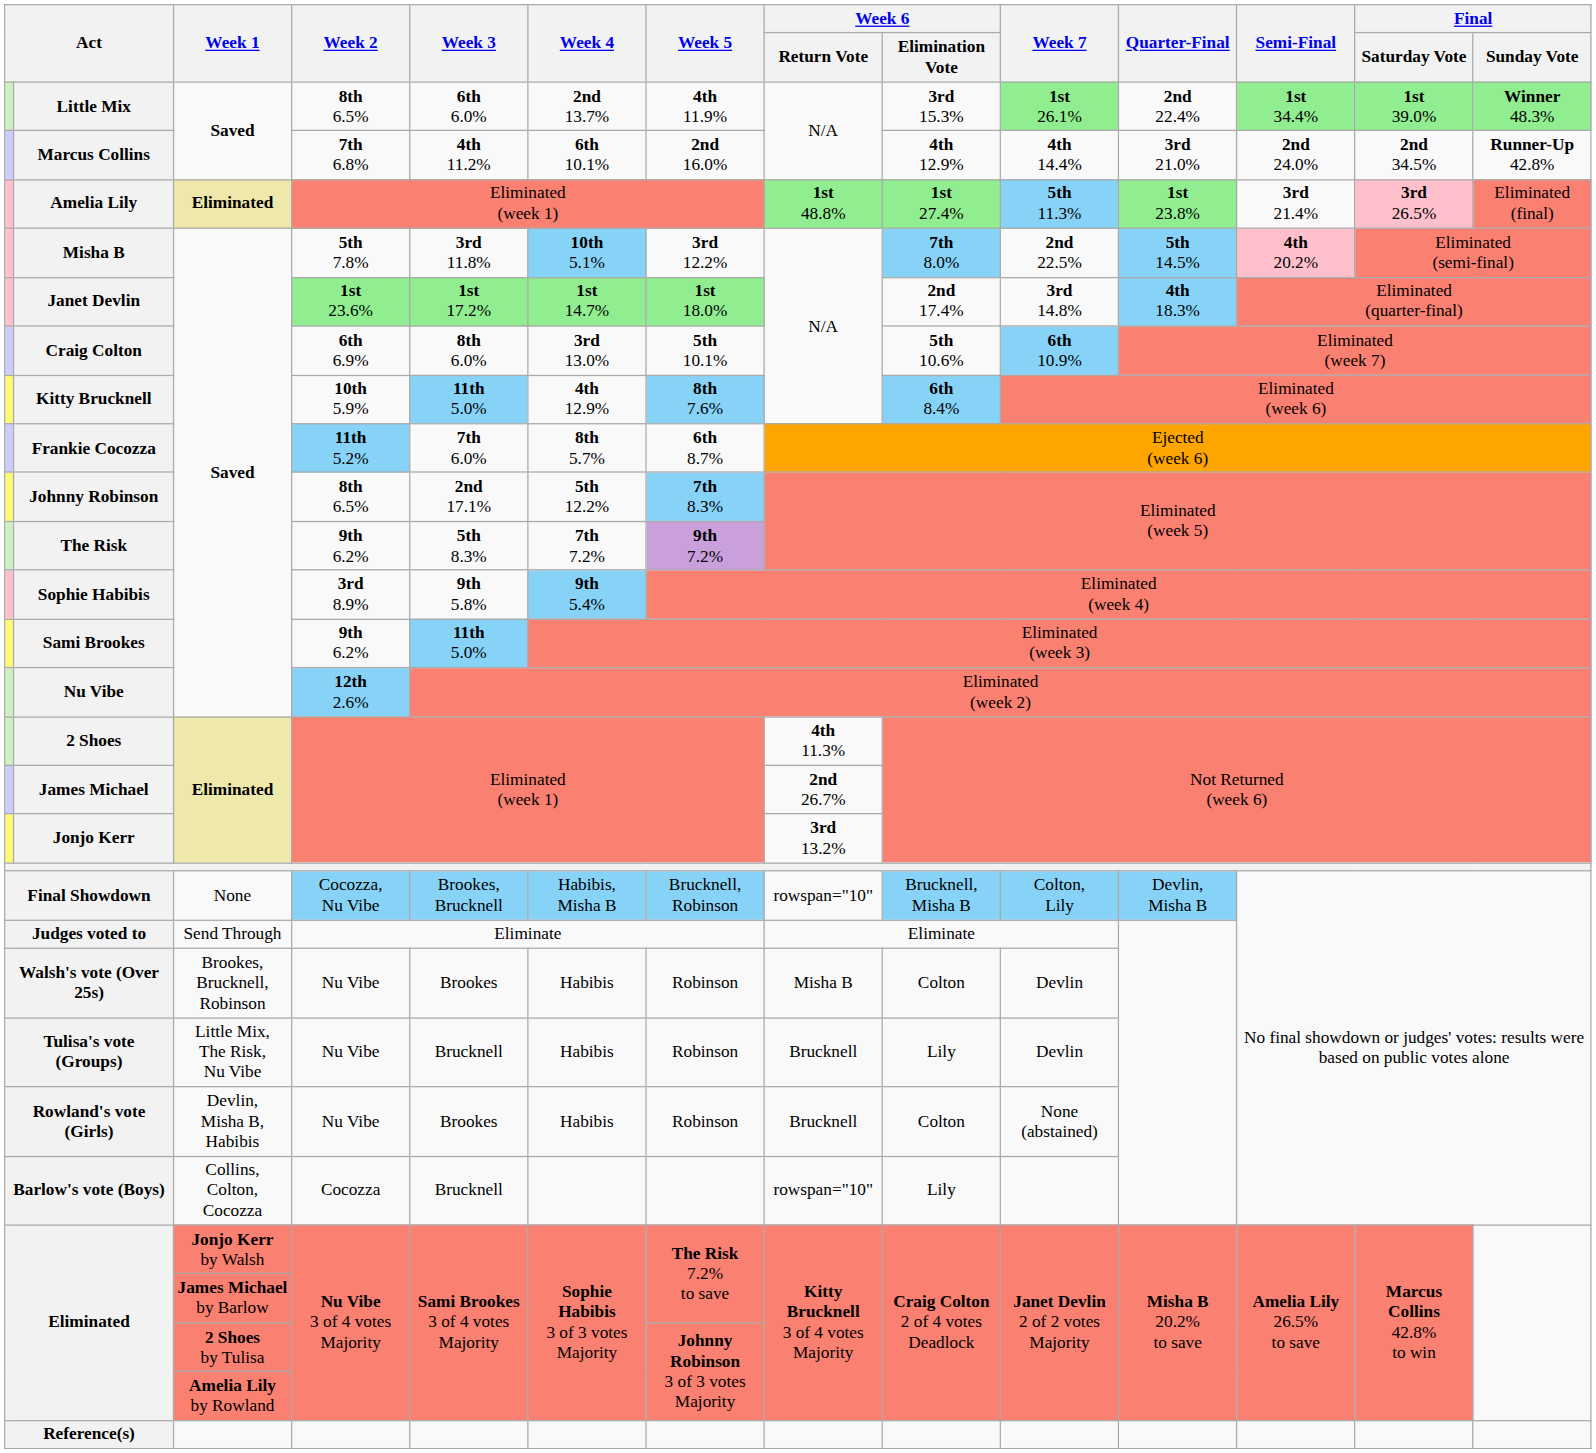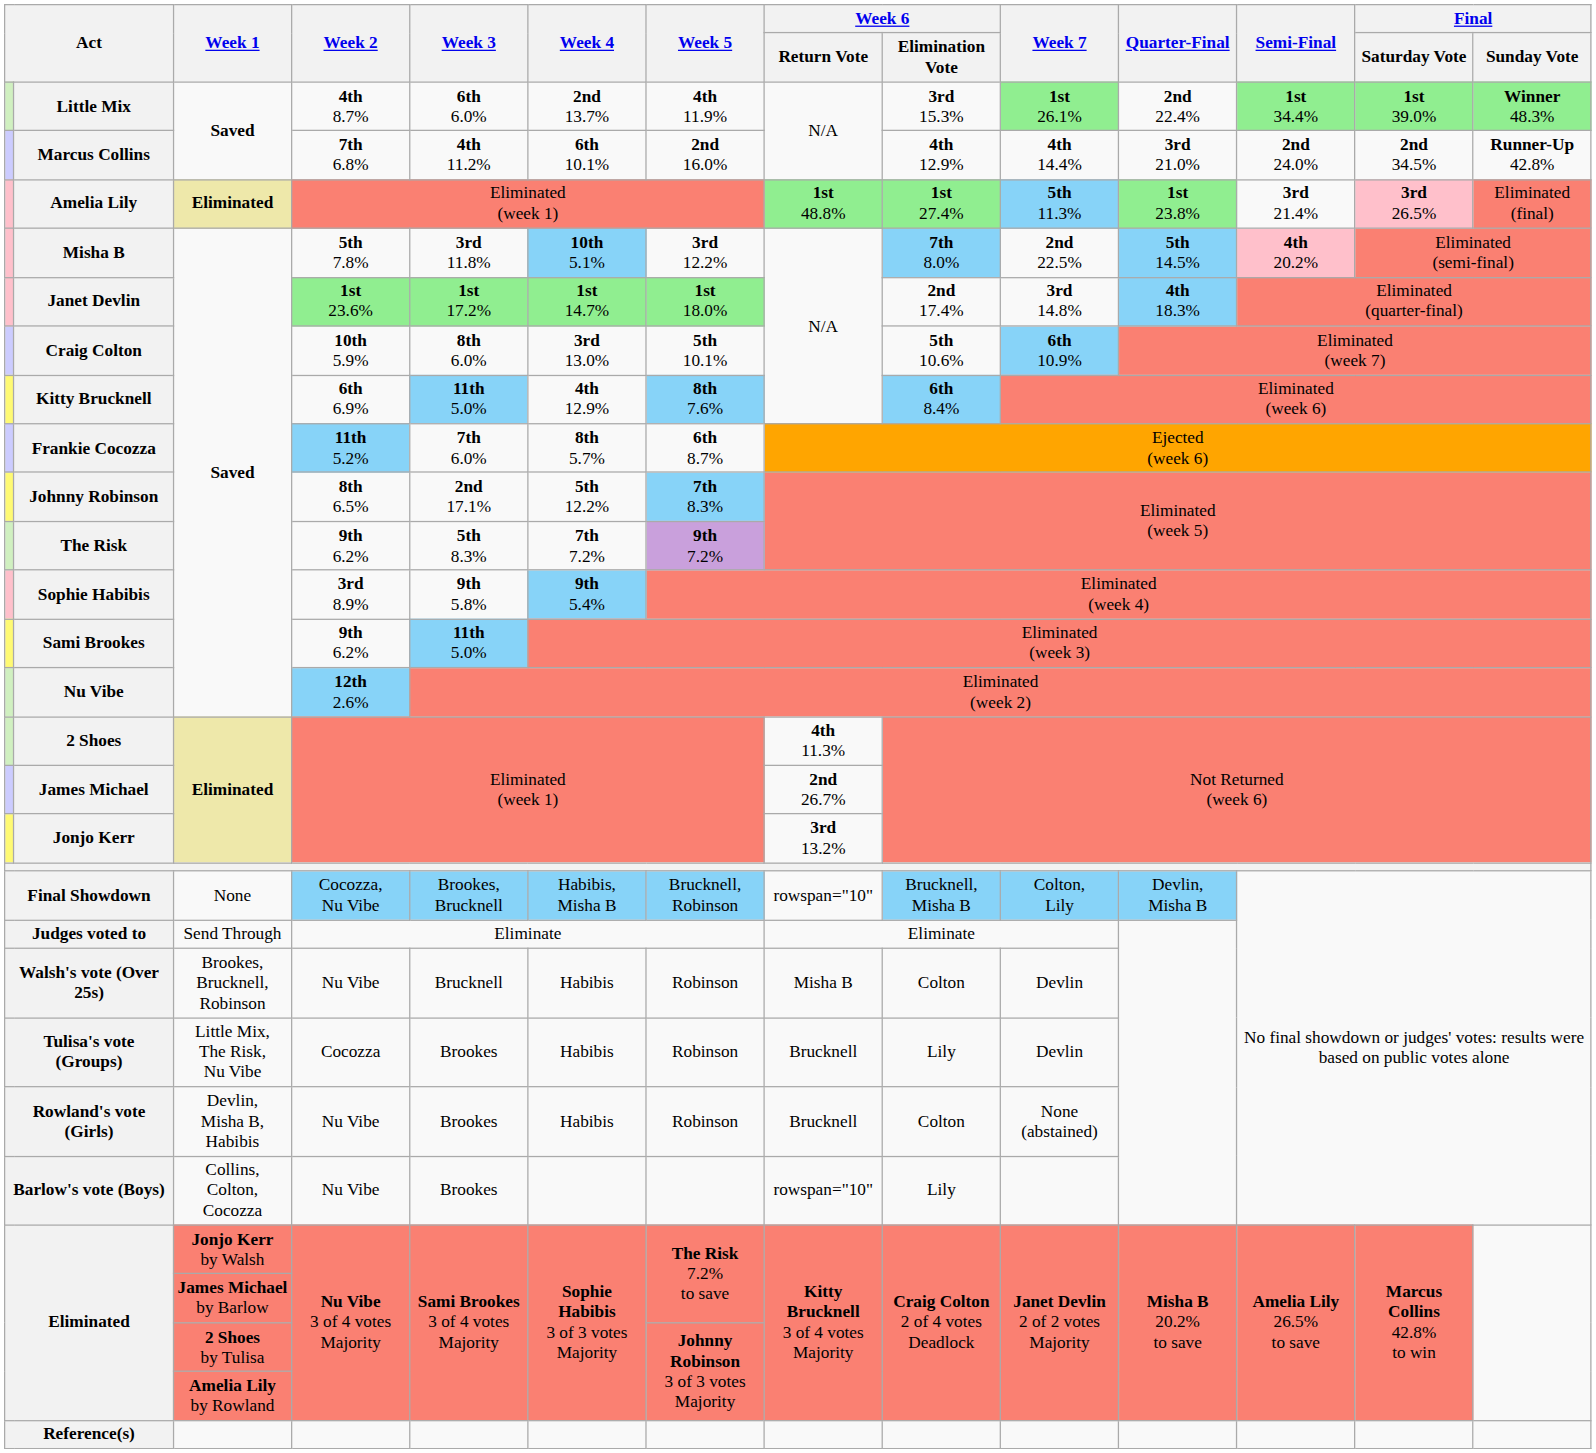 <table class="wikitable" style="text-align:center; font-size:85%">
 <tr>
 <th style="width:10%" rowspan="2" scope="col" colspan=2>Act</th>
 <th style="width:7%" rowspan="2" scope="col"><a href='#'>Week 1</a></th>
 <th style="width:7%" rowspan="2" scope="col"><a href='#'>Week 2</a></th>
 <th style="width:7%" rowspan="2" scope="col"><a href='#'>Week 3</a></th>
 <th style="width:7%" rowspan="2" scope="col"><a href='#'>Week 4</a></th>
 <th style="width:7%" rowspan="2" scope="col"><a href='#'>Week 5</a></th>
 <th colspan="2"><a href='#'>Week 6</a></th>
 <th style="width:7%" rowspan="2" scope="col"><a href='#'>Week 7</a></th>
 <th style="width:7%" rowspan="2" scope="col"><a href='#'>Quarter-Final</a></th>
 <th style="width:7%" rowspan="2" scope="col"><a href='#'>Semi-Final</a></th>
 <th colspan="2"><a href='#'>Final</a></th>
 </tr>
 <tr>
 <th style="width:7%">Return Vote</th>
 <th style="width:7%">Elimination Vote</th>
 <th style="width:7%">Saturday Vote</th>
 <th style="width:7%">Sunday Vote</th>
 </tr>
 <tr>
 <th style="background:#d0f0c0"></th>
 <th scope="row">Little Mix</th>
 <td rowspan=2><strong>Saved</strong></td>
-<td><strong>8th</strong> <br> 6.5%</td>
+<td><strong>4th</strong> <br> 8.7%</td>
 <td><strong>6th</strong> <br> 6.0%</td>
 <td><strong>2nd</strong> <br> 13.7%</td>
 <td><strong>4th</strong> <br> 11.9%</td>
 <td rowspan=2>N/A</td>
 <td><strong>3rd</strong> <br> 15.3%</td>
 <td style="background:lightgreen"><strong>1st</strong> <br> 26.1%</td>
 <td><strong>2nd</strong> <br> 22.4%</td>
 <td style="background:lightgreen"><strong>1st</strong> <br>34.4%</td>
 <td style="background:lightgreen"><strong>1st</strong> <br> 39.0%</td>
 <td style="background:lightgreen"><strong>Winner</strong> <br> 48.3%</td>
 </tr>
 <tr>
 <th style="background:#ccf"></th>
 <th scope="row">Marcus Collins</th>
 <td><strong>7th</strong> <br> 6.8%</td>
 <td><strong>4th</strong> <br> 11.2%</td>
 <td><strong>6th</strong> <br> 10.1%</td>
 <td><strong>2nd</strong> <br> 16.0%</td>
 <td><strong>4th</strong> <br> 12.9%</td>
 <td><strong>4th</strong> <br> 14.4%</td>
 <td><strong>3rd</strong> <br> 21.0%</td>
 <td><strong>2nd</strong> <br>24.0%</td>
 <td><strong>2nd</strong> <br> 34.5%</td>
 <td><strong>Runner-Up</strong> <br> 42.8%</td>
 </tr>
 <tr>
 <th style="background:pink"></th>
 <th scope="row">Amelia Lily</th>
 <td style="background:#EEE8AA"><strong>Eliminated</strong></td>
 <td colspan="4" style=background:salmon>Eliminated<br>(week 1)</td>
 <td style="background:lightgreen"><strong>1st</strong> <br> 48.8%</td>
 <td style="background:lightgreen"><strong>1st</strong> <br> 27.4%</td>
 <td style="background:#87D3F8"><strong>5th</strong> <br> 11.3%</td>
 <td style="background:lightgreen"><strong>1st</strong> <br> 23.8%</td>
 <td><strong>3rd</strong> <br>21.4%</td>
 <td style=background:pink><strong>3rd</strong> <br> 26.5%</td>
 <td style="background:salmon">Eliminated<br>(final)</td>
 </tr>
 <tr>
 <th style="background:pink"></th>
 <th scope="row">Misha B</th>
 <td rowspan=10><strong>Saved</strong></td>
 <td><strong>5th</strong> <br> 7.8%</td>
 <td><strong>3rd</strong> <br> 11.8%</td>
 <td style="background:#87D3F8"><strong>10th</strong> <br> 5.1%</td>
 <td><strong>3rd</strong> <br> 12.2%</td>
 <td rowspan="4">N/A</td>
 <td style="background:#87D3F8"><strong>7th</strong> <br> 8.0%</td>
 <td><strong>2nd</strong> <br> 22.5%</td>
 <td style="background:#87D3F8"><strong>5th</strong> <br> 14.5%</td>
 <td style=background:pink><strong>4th</strong> <br>20.2%</td>
 <td colspan="2" style="background:salmon">Eliminated<br>(semi-final)</td>
 </tr>
 <tr>
 <th style="background:pink"></th>
 <th scope="row">Janet Devlin</th>
 <td style="background:lightgreen"><strong>1st</strong> <br> 23.6%</td>
 <td style="background:lightgreen"><strong>1st</strong> <br> 17.2%</td>
 <td style="background:lightgreen"><strong>1st</strong> <br> 14.7%</td>
 <td style="background:lightgreen"><strong>1st</strong> <br> 18.0%</td>
 <td><strong>2nd</strong> <br> 17.4%</td>
 <td><strong>3rd</strong> <br> 14.8%</td>
 <td style="background:#87D3F8"><strong>4th</strong> <br> 18.3%</td>
 <td colspan="3" style="background:salmon">Eliminated<br>(quarter-final)</td>
 </tr>
 <tr>
 <th style="background:#ccf"></th>
 <th scope="row">Craig Colton</th>
-<td><strong>6th</strong> <br> 6.9%</td>
+<td><strong>10th</strong> <br> 5.9%</td>
 <td><strong>8th</strong> <br> 6.0%</td>
 <td><strong>3rd</strong> <br> 13.0%</td>
 <td><strong>5th</strong> <br> 10.1%</td>
 <td><strong>5th</strong> <br> 10.6%</td>
 <td style="background:#87D3F8"><strong>6th</strong> <br> 10.9%</td>
 <td colspan="4" style="background:salmon">Eliminated<br>(week 7)</td>
 </tr>
 <tr>
 <th style="background:#fffa73"></th>
 <th scope="row">Kitty Brucknell</th>
-<td><strong>10th</strong> <br> 5.9%</td>
+<td><strong>6th</strong> <br> 6.9%</td>
 <td style="background:#87D3F8"><strong>11th</strong> <br> 5.0%</td>
 <td><strong>4th</strong> <br> 12.9%</td>
 <td style="background:#87D3F8"><strong>8th</strong> <br> 7.6%</td>
 <td style="background:#87D3F8"><strong>6th</strong> <br> 8.4%</td>
 <td colspan="5" style="background:salmon">Eliminated<br>(week 6)</td>
 </tr>
 <tr>
 <th style="background:#ccf"></th>
 <th scope="row">Frankie Cocozza</th>
 <td style="background:#87D3F8"><strong>11th</strong> <br> 5.2%</td>
 <td><strong>7th</strong> <br> 6.0%</td>
 <td><strong>8th</strong> <br> 5.7%</td>
 <td><strong>6th</strong> <br> 8.7%</td>
 <td colspan="7" style="background:orange;">Ejected<br>(week 6)</td>
 </tr>
 <tr>
 <th style="background:#fffa73"></th>
 <th scope="row">Johnny Robinson</th>
 <td><strong>8th</strong> <br> 6.5%</td>
 <td><strong>2nd</strong> <br> 17.1%</td>
 <td><strong>5th</strong> <br> 12.2%</td>
 <td style="background:#87D3F8"><strong>7th</strong> <br> 8.3%</td>
 <td rowspan=2 colspan="7" style="background:salmon">Eliminated<br>(week 5)</td>
 </tr>
 <tr>
 <th style="background:#d0f0c0"></th>
 <th scope="row">The Risk</th>
 <td><strong>9th</strong> <br> 6.2%</td>
 <td><strong>5th</strong> <br> 8.3%</td>
 <td><strong>7th</strong> <br> 7.2%</td>
 <td style="background:#C9A0DC"><strong>9th</strong> <br> 7.2%</td>
 </tr>
 <tr>
 <th style="background:pink"></th>
 <th scope="row">Sophie Habibis</th>
 <td><strong>3rd</strong> <br> 8.9%</td>
 <td><strong>9th</strong> <br> 5.8%</td>
 <td style="background:#87D3F8"><strong>9th</strong> <br> 5.4%</td>
 <td colspan="8" style="background:salmon">Eliminated<br>(week 4)</td>
 </tr>
 <tr>
 <th style="background:#fffa73"></th>
 <th scope="row">Sami Brookes</th>
 <td><strong>9th</strong> <br> 6.2%</td>
 <td style="background:#87D3F8"><strong>11th</strong> <br> 5.0%</td>
 <td colspan="9" style="background:salmon">Eliminated<br>(week 3)</td>
 </tr>
 <tr>
 <th style="background:#d0f0c0"></th>
 <th scope="row">Nu Vibe</th>
 <td style="background:#87D3F8"><strong>12th</strong> <br> 2.6%</td>
 <td colspan="10" style="background:salmon">Eliminated<br>(week 2)</td>
 </tr>
 <tr>
 <th style="background:#d0f0c0"></th>
 <th scope="row">2 Shoes</th>
 <td rowspan=3 style="background:#EEE8AA"><strong>Eliminated</strong></td>
 <td rowspan=3 colspan="4" style="background:salmon">Eliminated<br>(week 1)</td>
 <td><strong>4th</strong> <br> 11.3%</td>
 <td rowspan=3 colspan="6" style="background:salmon">Not Returned<br>(week 6)</td>
 </tr>
 <tr>
 <th style="background:#ccf"></th>
 <th scope="row">James Michael</th>
 <td><strong>2nd</strong> <br> 26.7%</td>
 </tr>
 <tr>
 <th style="background:#fffa73"></th>
 <th scope="row">Jonjo Kerr</th>
 <td><strong>3rd</strong> <br> 13.2%</td>
 </tr>
 <tr>
 <th colspan="14"></th>
 </tr>
 <tr>
 <th scope="row" colspan=2>Final Showdown</th>
 <td>None</td>
 <td style="background:#87D3F8">Cocozza,<br>Nu Vibe</td>
 <td style="background:#87D3F8">Brookes,<br>Brucknell</td>
 <td style="background:#87D3F8">Habibis,<br>Misha B</td>
 <td style="background:#87D3F8">Brucknell,<br>Robinson</td>
 <td>rowspan="10" </td>
 <td style="background:#87D3F8">Brucknell,<br>Misha B</td>
 <td style="background:#87D3F8">Colton,<br>Lily</td>
 <td style="background:#87D3F8">Devlin,<br>Misha B</td>
 <td rowspan="6" colspan="3">No final showdown or judges' votes: results were based on public votes alone</td>
 </tr>
 <tr>
 <th scope="row" colspan=2>Judges voted to</th>
 <td>Send Through</td>
 <td colspan="4">Eliminate</td>
 <td colspan="3">Eliminate</td>
 </tr>
 <tr>
 <th scope="row" colspan=2>Walsh's vote (Over 25s)</th>
 <td>Brookes,<br>Brucknell,<br>Robinson</td>
 <td>Nu Vibe</td>
-<td>Brookes</td>
+<td>Brucknell</td>
 <td>Habibis</td>
 <td>Robinson</td>
 <td>Misha B</td>
 <td>Colton</td>
 <td>Devlin</td>
 </tr>
 <tr>
 <th scope="row" colspan=2>Tulisa's vote (Groups)</th>
 <td>Little Mix,<br>The Risk,<br>Nu Vibe</td>
-<td>Nu Vibe</td>
-<td>Brucknell</td>
+<td>Cocozza</td>
+<td>Brookes</td>
 <td>Habibis</td>
 <td>Robinson</td>
 <td>Brucknell</td>
 <td>Lily</td>
 <td>Devlin</td>
 </tr>
 <tr>
 <th scope="row" colspan=2>Rowland's vote (Girls)</th>
 <td>Devlin,<br>Misha B,<br>Habibis</td>
 <td>Nu Vibe</td>
 <td>Brookes</td>
 <td>Habibis</td>
 <td>Robinson</td>
 <td>Brucknell</td>
 <td>Colton</td>
 <td>None (abstained)</td>
 </tr>
 <tr>
 <th scope="row" colspan=2>Barlow's vote (Boys)</th>
 <td>Collins,<br>Colton,<br>Cocozza</td>
-<td>Cocozza</td>
-<td>Brucknell</td>
+<td>Nu Vibe</td>
+<td>Brookes</td>
 <td></td>
 <td></td>
 <td>rowspan="10" </td>
 <td>Lily</td>
 <td></td>
 </tr>
 <tr>
 <th scope="row" rowspan="4" colspan=2>Eliminated</th>
 <td style="background:salmon;"><strong>Jonjo Kerr</strong><br>by Walsh</td>
 <td style="background:salmon;" rowspan="4"><strong>Nu Vibe</strong><br>3 of 4 votes<br>Majority</td>
 <td style="background:salmon;" rowspan="4"><strong>Sami Brookes</strong><br>3 of 4 votes<br>Majority</td>
 <td style="background:salmon;" rowspan="4"><strong>Sophie Habibis</strong><br>3 of 3 votes<br>Majority</td>
 <td style="background:salmon;" rowspan="2"><strong>The Risk</strong><br>7.2%<br>to save</td>
 <td style="background:salmon;" rowspan="4"><strong>Kitty Brucknell</strong><br>3 of 4 votes<br>Majority</td>
 <td style="background:salmon;" rowspan="4"><strong>Craig Colton</strong><br>2 of 4 votes<br>Deadlock</td>
 <td style="background:salmon;" rowspan="4"><strong>Janet Devlin</strong><br>2 of 2 votes<br> Majority</td>
 <td style="background:salmon;" rowspan="4"><strong>Misha B</strong><br>20.2%<br>to save</td>
 <td style="background:salmon;" rowspan="4"><strong>Amelia Lily</strong><br>26.5%<br>to save</td>
 <td style="background:salmon;" rowspan="4"><strong>Marcus Collins</strong><br>42.8%<br>to win</td>
 </tr>
 <tr>
 <td style="background:salmon;"><strong>James Michael</strong><br>by Barlow</td>
 </tr>
 <tr>
 <td style="background:salmon;"><strong>2 Shoes</strong><br>by Tulisa</td>
 <td style="background:salmon;" rowspan="2"><strong>Johnny Robinson</strong><br>3 of 3 votes<br>Majority</td>
 </tr>
 <tr>
 <td style="background:salmon;"><strong>Amelia Lily</strong><br>by Rowland</td>
 </tr>
 <tr>
 <th scope="row" colspan=2>Reference(s)</th>
 <td></td>
 <td></td>
 <td></td>
 <td></td>
 <td></td>
 <td></td>
 <td></td>
 <td></td>
 <td></td>
 <td></td>
 <td></td>
 <td></td>
 </tr>
 </table>
